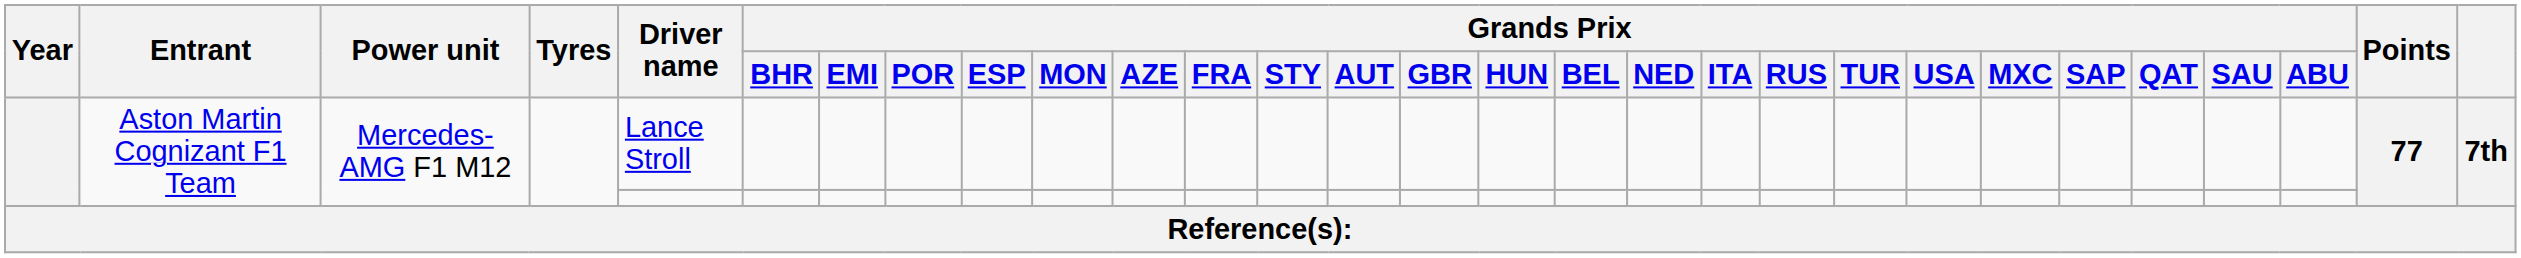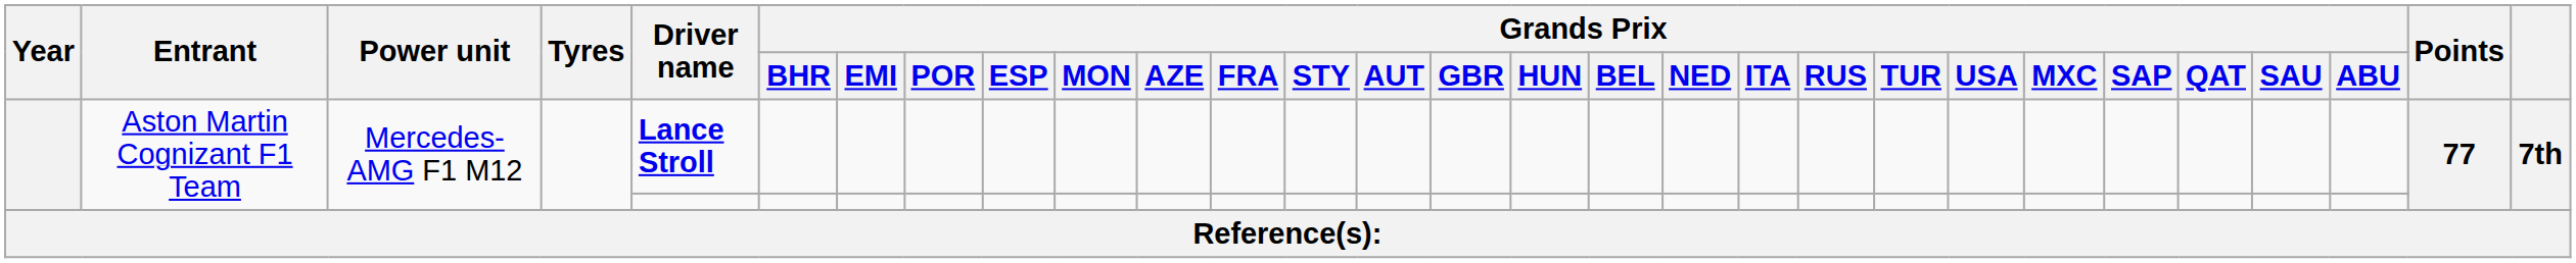 <table class="wikitable" style="text-align:center; font-size:90%">
 <tr>
 <th rowspan="2">Year</th>
 <th rowspan="2">Entrant</th>
 <th rowspan="2">Power unit</th>
 <th rowspan="2">Tyres</th>
 <th rowspan="2">Driver name</th>
 <th colspan="22">Grands Prix</th>
 <th rowspan="2">Points</th>
 <th rowspan="2"></th>
 </tr>
 <tr>
 <th><a href='#'>BHR</a></th>
 <th><a href='#'>EMI</a></th>
 <th><a href='#'>POR</a></th>
 <th><a href='#'>ESP</a></th>
 <th><a href='#'>MON</a></th>
 <th><a href='#'>AZE</a></th>
 <th><a href='#'>FRA</a></th>
 <th><a href='#'>STY</a></th>
 <th><a href='#'>AUT</a></th>
 <th><a href='#'>GBR</a></th>
 <th><a href='#'>HUN</a></th>
 <th><a href='#'>BEL</a></th>
 <th><a href='#'>NED</a></th>
 <th><a href='#'>ITA</a></th>
 <th><a href='#'>RUS</a></th>
 <th><a href='#'>TUR</a></th>
 <th><a href='#'>USA</a></th>
 <th><a href='#'>MXC</a></th>
 <th><a href='#'>SAP</a></th>
 <th><a href='#'>QAT</a></th>
 <th><a href='#'>SAU</a></th>
 <th><a href='#'>ABU</a></th>
 </tr>
 <tr>
 <th rowspan="2"></th>
 <td rowspan="2"><a href='#'>Aston Martin Cognizant F1 Team</a></td>
 <td rowspan="2"><a href='#'>Mercedes-AMG</a> F1 M12</td>
 <td rowspan="2"></td>
-<td style="text-align:left"> <a href='#'>Lance Stroll</a></td>
+<td style="text-align:left"><strong> <a href='#'>Lance Stroll</a></strong></td>
 <td></td>
 <td></td>
 <td></td>
 <td></td>
 <td></td>
 <td></td>
 <td></td>
 <td></td>
 <td></td>
 <td></td>
 <td></td>
 <td></td>
 <td></td>
 <td></td>
 <td></td>
 <td></td>
 <td></td>
 <td></td>
 <td></td>
 <td></td>
 <td></td>
 <td></td>
 <th rowspan="2">77</th>
 <th rowspan="2">7th</th>
 </tr>
 <tr>
 <td style="text-align:left"></td>
 <td></td>
 <td></td>
 <td></td>
 <td></td>
 <td></td>
 <td></td>
 <td></td>
 <td></td>
 <td></td>
 <td></td>
 <td></td>
 <td></td>
 <td></td>
 <td></td>
 <td></td>
 <td></td>
 <td></td>
 <td></td>
 <td></td>
 <td></td>
 <td></td>
 <td></td>
 </tr>
 <tr>
 <th colspan="30">Reference(s):</th>
 </tr>
 </table>
